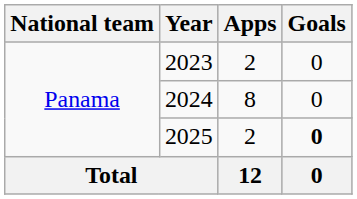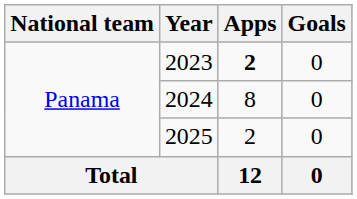 <table class="wikitable" style="text-align:center">
 <tr>
 <th>National team</th>
 <th>Year</th>
 <th>Apps</th>
 <th>Goals</th>
 </tr>
 <tr>
 <td rowspan="3"><a href='#'>Panama</a></td>
 <td>2023</td>
-<td>2</td>
+<td><strong>2</strong></td>
 <td>0</td>
 </tr>
 <tr>
 <td>2024</td>
 <td>8</td>
 <td>0</td>
 </tr>
 <tr>
 <td>2025</td>
 <td>2</td>
-<td><strong>0</strong></td>
+<td>0</td>
 </tr>
 <tr>
 <th colspan="2">Total</th>
 <th>12</th>
 <th>0</th>
 </tr>
 </table>
